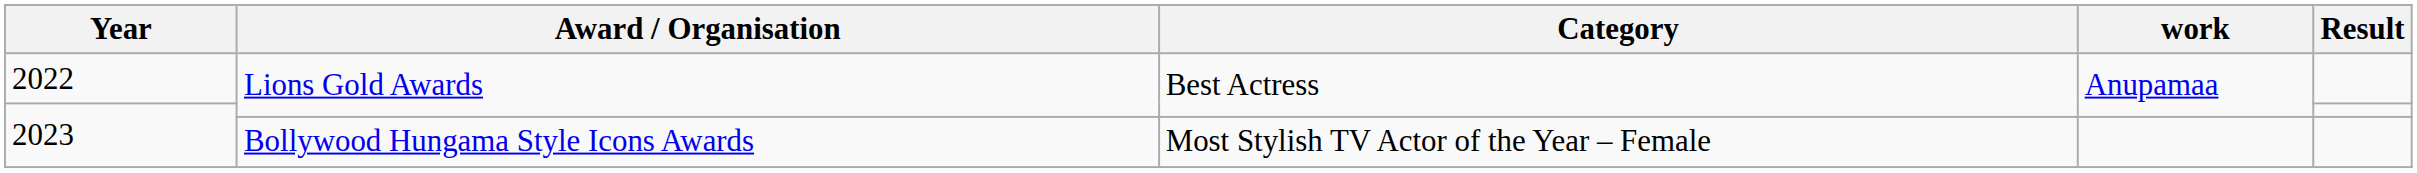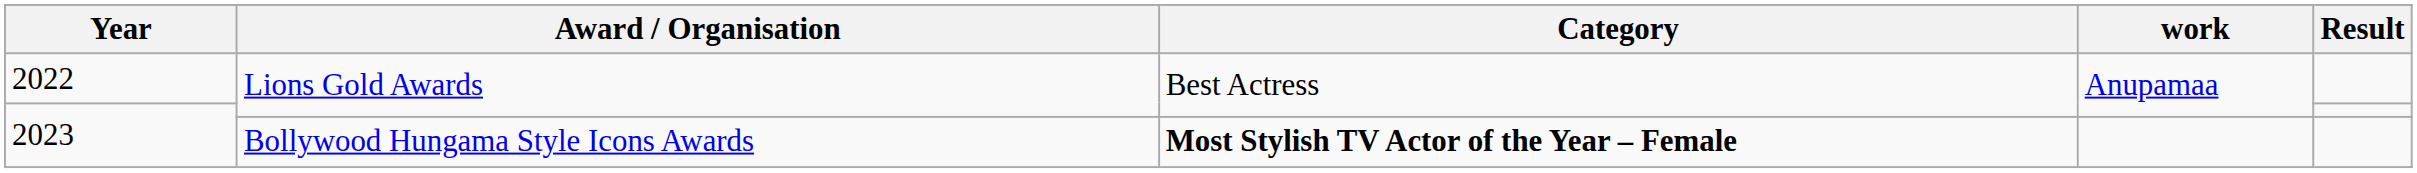 <table class="wikitable">
 <tr>
 <th style="width:10%;">Year</th>
 <th style="width:40%;">Award / Organisation</th>
 <th style="width:40%;">Category</th>
 <th style="width:40%;">work</th>
 <th style="width:15%;">Result</th>
 </tr>
 <tr>
 <td>2022</td>
 <td rowspan=2><a href='#'>Lions Gold Awards</a></td>
 <td rowspan=2>Best Actress</td>
 <td rowspan=2><a href='#'>Anupamaa</a></td>
 <td></td>
 </tr>
 <tr>
 <td rowspan=2>2023</td>
 <td></td>
 </tr>
 <tr>
 <td><a href='#'>Bollywood Hungama Style Icons Awards</a></td>
-<td>Most Stylish TV Actor of the Year – Female</td>
+<td><strong>Most Stylish TV Actor of the Year – Female</strong></td>
 <td></td>
 <td></td>
 </tr>
 </table>
